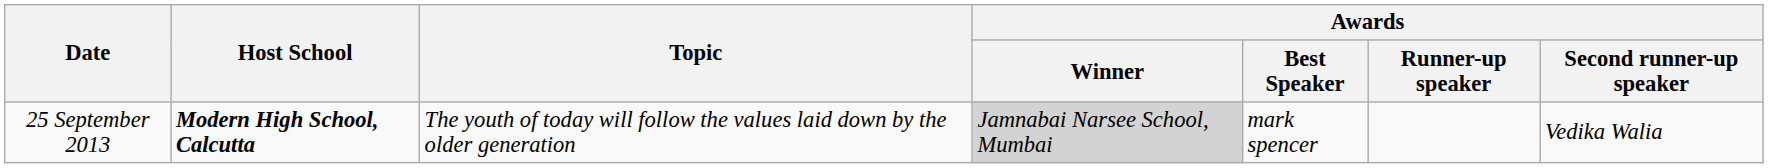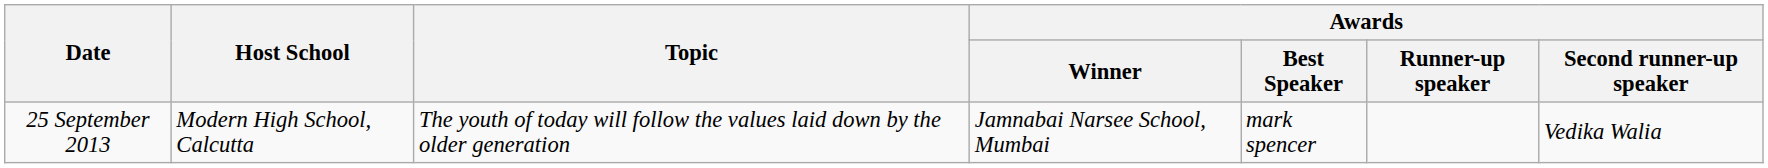 <table class="wikitable">
 <tr>
 <th rowspan="2">Date</th>
 <th rowspan="2">Host School</th>
 <th rowspan="2">Topic</th>
 <th colspan="4">Awards</th>
 </tr>
 <tr>
 <th>Winner</th>
 <th>Best Speaker</th>
 <th>Runner-up speaker</th>
 <th>Second runner-up speaker</th>
 </tr>
 <tr>
 <td align="center"><em>25 September 2013</em></td>
-<td><strong><em>Modern High School, Calcutta</em></strong></td>
+<td><em>Modern High School, Calcutta</em></td>
 <td><em> The youth of today will follow the values laid down by the older generation</em></td>
-<td style="background: lightgrey;"><em>Jamnabai Narsee School, Mumbai</em></td>
+<td><em>Jamnabai Narsee School, Mumbai</em></td>
 <td><em>mark spencer</em></td>
 <td><em> </em></td>
 <td><em>Vedika Walia</em></td>
 </tr>
 </table>
